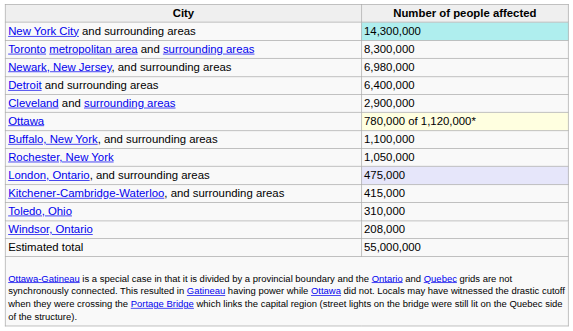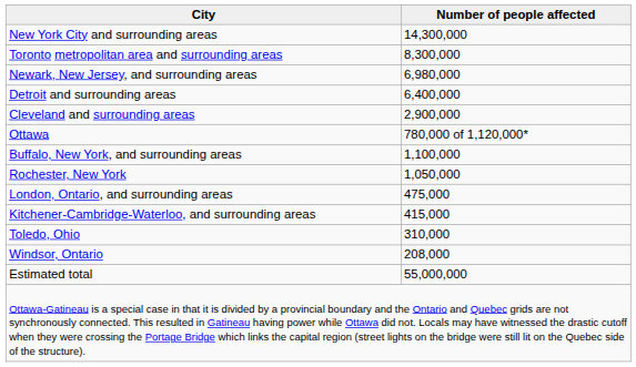 <table class="wikitable" style="float:right; margin:0 0 0.5em 1em; width:40%;">
 <tr>
 <th style="background:#efefef;">City</th>
 <th style="background:#efefef;">Number of people affected</th>
 </tr>
 <tr>
 <td><a href='#'>New York City</a> and surrounding areas</td>
-<td style="background: paleturquoise;">14,300,000</td>
+<td>14,300,000</td>
 </tr>
 <tr>
 <td><a href='#'>Toronto</a> <a href='#'>metropolitan area</a> and <a href='#'>surrounding areas</a></td>
 <td>8,300,000</td>
 </tr>
 <tr>
 <td><a href='#'>Newark, New Jersey</a>, and surrounding areas</td>
 <td>6,980,000</td>
 </tr>
 <tr>
 <td><a href='#'>Detroit</a> and surrounding areas</td>
 <td>6,400,000</td>
 </tr>
 <tr>
 <td><a href='#'>Cleveland</a> and <a href='#'>surrounding areas</a></td>
 <td>2,900,000</td>
 </tr>
 <tr>
 <td><a href='#'>Ottawa</a></td>
-<td style="background: lightyellow;">780,000 of 1,120,000*</td>
+<td>780,000 of 1,120,000*</td>
 </tr>
 <tr>
 <td><a href='#'>Buffalo, New York</a>, and surrounding areas</td>
 <td>1,100,000</td>
 </tr>
 <tr>
 <td><a href='#'>Rochester, New York</a></td>
 <td>1,050,000</td>
 </tr>
 <tr>
 <td><a href='#'>London, Ontario</a>, and surrounding areas</td>
-<td style="background: lavender;">475,000</td>
+<td>475,000</td>
 </tr>
 <tr>
 <td><a href='#'>Kitchener-Cambridge-Waterloo</a>, and surrounding areas</td>
 <td>415,000</td>
 </tr>
 <tr>
 <td><a href='#'>Toledo, Ohio</a></td>
 <td>310,000</td>
 </tr>
 <tr>
 <td><a href='#'>Windsor, Ontario</a></td>
 <td>208,000</td>
 </tr>
 <tr>
 <td>Estimated total</td>
 <td>55,000,000</td>
 </tr>
 <tr>
 <td colspan="2"><br><small><a href='#'>Ottawa-Gatineau</a> is a special case in that it is divided by a provincial boundary and the <a href='#'>Ontario</a> and <a href='#'>Quebec</a> grids are not synchronously connected. This resulted in <a href='#'>Gatineau</a> having power while <a href='#'>Ottawa</a> did not. Locals may have witnessed the drastic cutoff when they were crossing the <a href='#'>Portage Bridge</a> which links the capital region (street lights on the bridge were still lit on the Quebec side of the structure).</small></td>
 </tr>
 </table>
